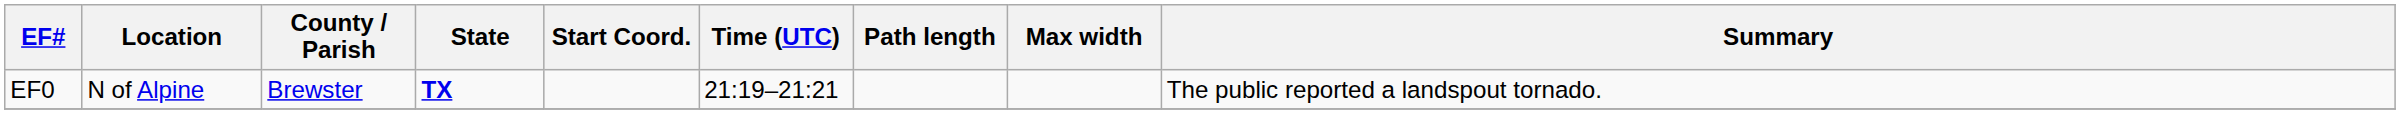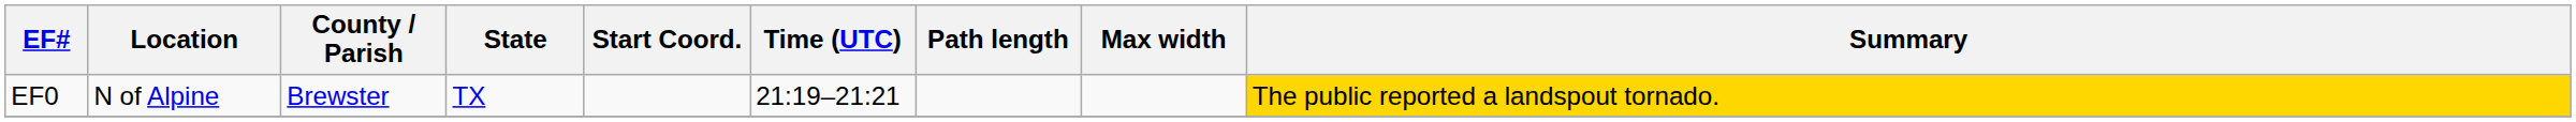 <table class="wikitable sortable" style="width:100%;">
 <tr>
 <th scope="col" style="width:3%; text-align:center;"><a href='#'>EF#</a></th>
 <th scope="col" style="width:7%; text-align:center;" class="unsortable">Location</th>
 <th scope="col" style="width:6%; text-align:center;" class="unsortable">County / Parish</th>
 <th scope="col" style="width:5%; text-align:center;">State</th>
 <th scope="col" style="width:6%; text-align:center;">Start Coord.</th>
 <th scope="col" style="width:6%; text-align:center;">Time (<a href='#'>UTC</a>)</th>
 <th scope="col" style="width:6%; text-align:center;">Path length</th>
 <th scope="col" style="width:6%; text-align:center;">Max width</th>
 <th scope="col" class="unsortable" style="width:48%; text-align:center;">Summary</th>
 </tr>
 <tr>
 <td>EF0</td>
 <td>N of <a href='#'>Alpine</a></td>
 <td><a href='#'>Brewster</a></td>
-<td><strong><a href='#'>TX</a></strong></td>
+<td><a href='#'>TX</a></td>
 <td></td>
 <td>21:19–21:21</td>
 <td></td>
 <td></td>
-<td>The public reported a landspout tornado.</td>
+<td style="background: gold;">The public reported a landspout tornado.</td>
 </tr>
 <tr>
 </tr>
 </table>
